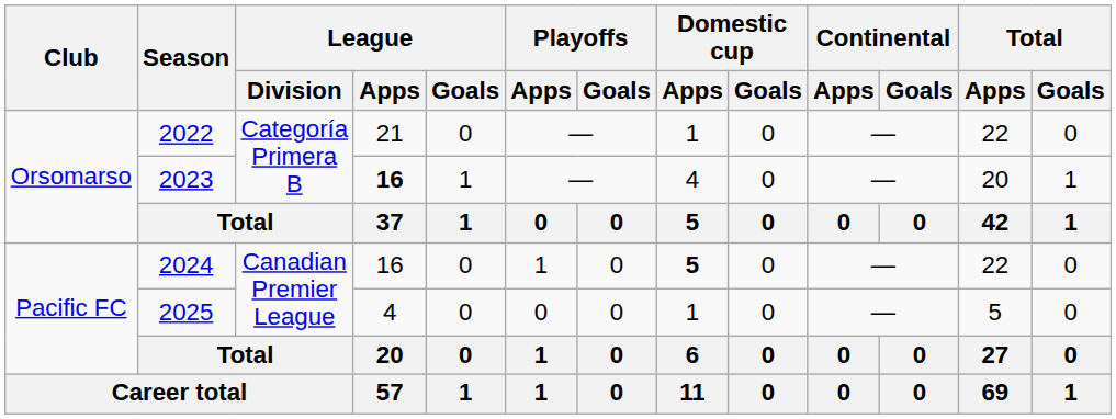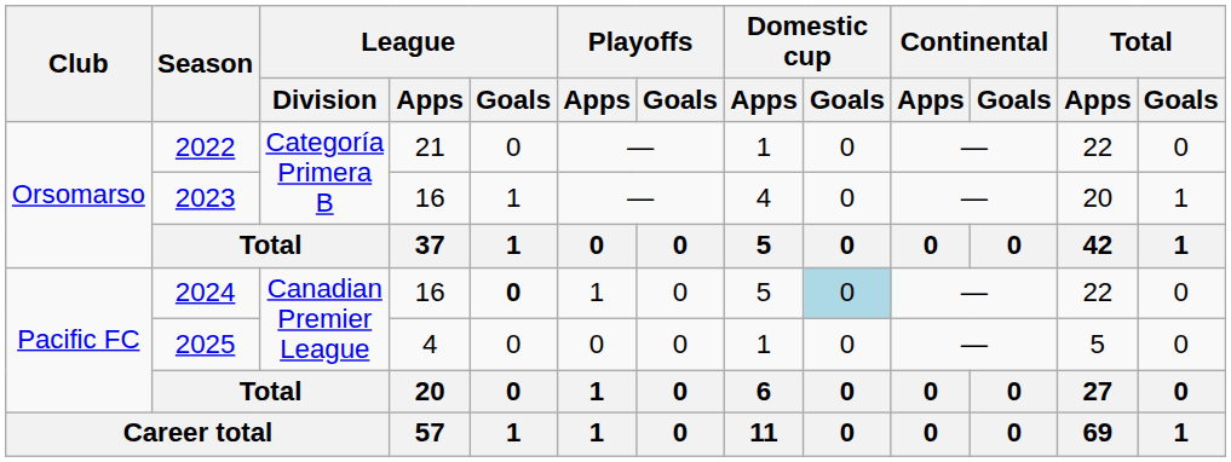 <table class="wikitable" style="text-align: center">
 <tr>
 <th rowspan="2">Club</th>
 <th rowspan="2">Season</th>
 <th colspan="3">League</th>
 <th colspan="2">Playoffs</th>
 <th colspan="2">Domestic cup</th>
 <th colspan="2">Continental</th>
 <th colspan="2">Total</th>
 </tr>
 <tr>
 <th>Division</th>
 <th>Apps</th>
 <th>Goals</th>
 <th>Apps</th>
 <th>Goals</th>
 <th>Apps</th>
 <th>Goals</th>
 <th>Apps</th>
 <th>Goals</th>
 <th>Apps</th>
 <th>Goals</th>
 </tr>
 <tr>
 <td rowspan=3><a href='#'>Orsomarso</a></td>
 <td><a href='#'>2022</a></td>
 <td rowspan=2><a href='#'>Categoría Primera B</a></td>
 <td>21</td>
 <td>0</td>
 <td colspan="2">—</td>
 <td>1</td>
 <td>0</td>
 <td colspan="2">—</td>
 <td>22</td>
 <td>0</td>
 </tr>
 <tr>
 <td><a href='#'>2023</a></td>
-<td><strong>16</strong></td>
+<td>16</td>
 <td>1</td>
 <td colspan="2">—</td>
 <td>4</td>
 <td>0</td>
 <td colspan="2">—</td>
 <td>20</td>
 <td>1</td>
 </tr>
 <tr>
 <th colspan="2"><strong>Total</strong></th>
 <th>37</th>
 <th>1</th>
 <th>0</th>
 <th>0</th>
 <th>5</th>
 <th>0</th>
 <th>0</th>
 <th>0</th>
 <th>42</th>
 <th>1</th>
 </tr>
 <tr>
 <td rowspan=3><a href='#'>Pacific FC</a></td>
 <td><a href='#'>2024</a></td>
 <td rowspan=2><a href='#'>Canadian Premier League</a></td>
 <td>16</td>
-<td>0</td>
+<td><strong>0</strong></td>
 <td>1</td>
 <td>0</td>
-<td><strong>5</strong></td>
-<td>0</td>
+<td>5</td>
+<td style="background: lightblue;">0</td>
 <td colspan="2">—</td>
 <td>22</td>
 <td>0</td>
 </tr>
 <tr>
 <td><a href='#'>2025</a></td>
 <td>4</td>
 <td>0</td>
 <td>0</td>
 <td>0</td>
 <td>1</td>
 <td>0</td>
 <td colspan="2">—</td>
 <td>5</td>
 <td>0</td>
 </tr>
 <tr>
 <th colspan="2"><strong>Total</strong></th>
 <th>20</th>
 <th>0</th>
 <th>1</th>
 <th>0</th>
 <th>6</th>
 <th>0</th>
 <th>0</th>
 <th>0</th>
 <th>27</th>
 <th>0</th>
 </tr>
 <tr>
 <th colspan="3"><strong>Career total</strong></th>
 <th>57</th>
 <th>1</th>
 <th>1</th>
 <th>0</th>
 <th>11</th>
 <th>0</th>
 <th>0</th>
 <th>0</th>
 <th>69</th>
 <th>1</th>
 </tr>
 </table>
